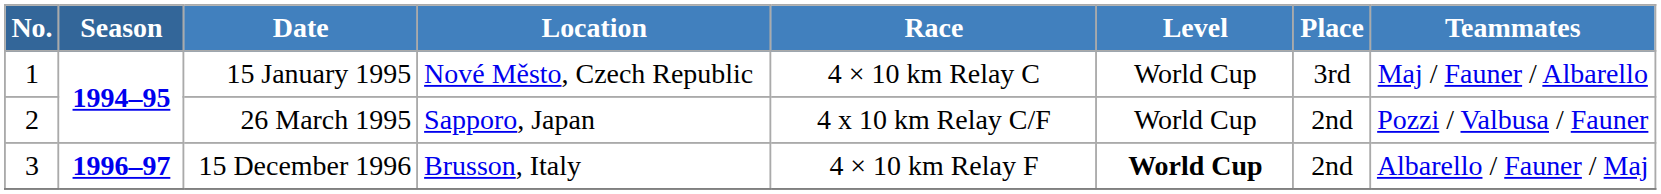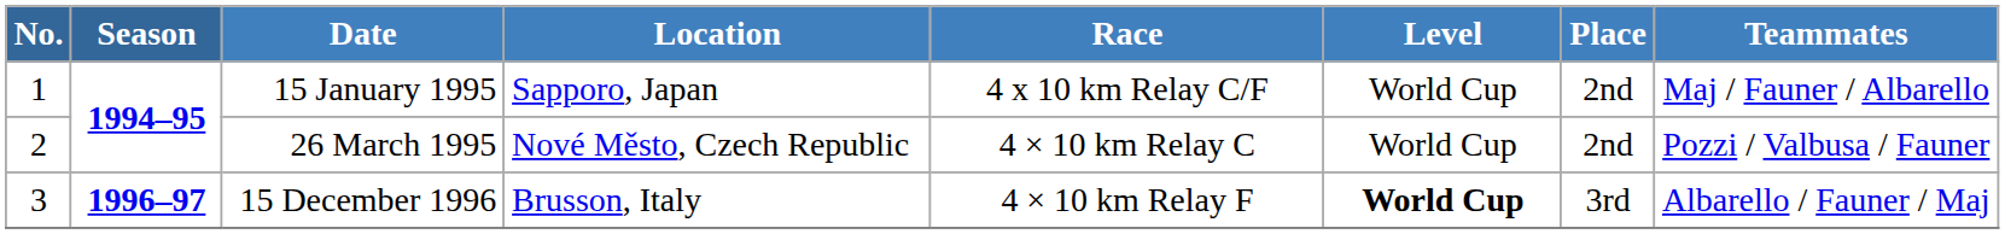 <table class="wikitable sortable" style="font-size:95%; text-align:center; border:grey solid 1px; border-collapse:collapse; background:#ffffff;">
 <tr style="background:#efefef;">
 <th style="background-color:#369; color:white;">No.</th>
 <th style="background-color:#369; color:white;">Season</th>
 <th style="background-color:#4180be; color:white; width:120px;">Date</th>
 <th style="background-color:#4180be; color:white; width:185px;">Location</th>
 <th style="background-color:#4180be; color:white; width:170px;">Race</th>
 <th style="background-color:#4180be; color:white; width:100px;">Level</th>
 <th style="background-color:#4180be; color:white;">Place</th>
 <th style="background-color:#4180be; color:white;">Teammates</th>
 </tr>
 <tr>
 <td align=center>1</td>
 <td rowspan=2 align=center><strong> <a href='#'>1994–95</a> </strong></td>
 <td align=right>15 January 1995</td>
-<td align=left> <a href='#'>Nové Město</a>, Czech Republic</td>
-<td>4 × 10 km Relay C</td>
+<td align=left> <a href='#'>Sapporo</a>, Japan</td>
+<td>4 x 10 km Relay C/F</td>
 <td>World Cup</td>
-<td>3rd</td>
+<td>2nd</td>
 <td><a href='#'>Maj</a> / <a href='#'>Fauner</a> / <a href='#'>Albarello</a></td>
 </tr>
 <tr>
 <td align=center>2</td>
 <td align=right>26 March 1995</td>
-<td align=left> <a href='#'>Sapporo</a>, Japan</td>
-<td>4 x 10 km Relay C/F</td>
+<td align=left> <a href='#'>Nové Město</a>, Czech Republic</td>
+<td>4 × 10 km Relay C</td>
 <td>World Cup</td>
 <td>2nd</td>
 <td><a href='#'>Pozzi</a> / <a href='#'>Valbusa</a> / <a href='#'>Fauner</a></td>
 </tr>
 <tr>
 <td align=center>3</td>
 <td rowspan=1 align=center><strong> <a href='#'>1996–97</a> </strong></td>
 <td align=right>15 December 1996</td>
 <td align=left> <a href='#'>Brusson</a>, Italy</td>
 <td>4 × 10 km Relay F</td>
 <td><strong>World Cup</strong></td>
-<td>2nd</td>
+<td>3rd</td>
 <td><a href='#'>Albarello</a> / <a href='#'>Fauner</a> / <a href='#'>Maj</a></td>
 </tr>
 <tr>
 </tr>
 </table>
